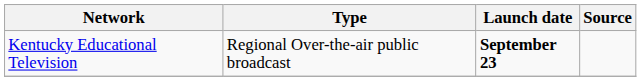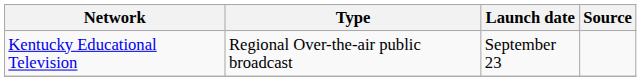 <table class="wikitable sortable">
 <tr>
 <th>Network</th>
 <th>Type</th>
 <th>Launch date</th>
 <th>Source</th>
 </tr>
 <tr>
 <td><a href='#'>Kentucky Educational Television</a></td>
 <td>Regional Over-the-air public broadcast</td>
-<td><strong>September 23</strong></td>
+<td>September 23</td>
 <td></td>
 </tr>
 <tr>
 </tr>
 </table>
